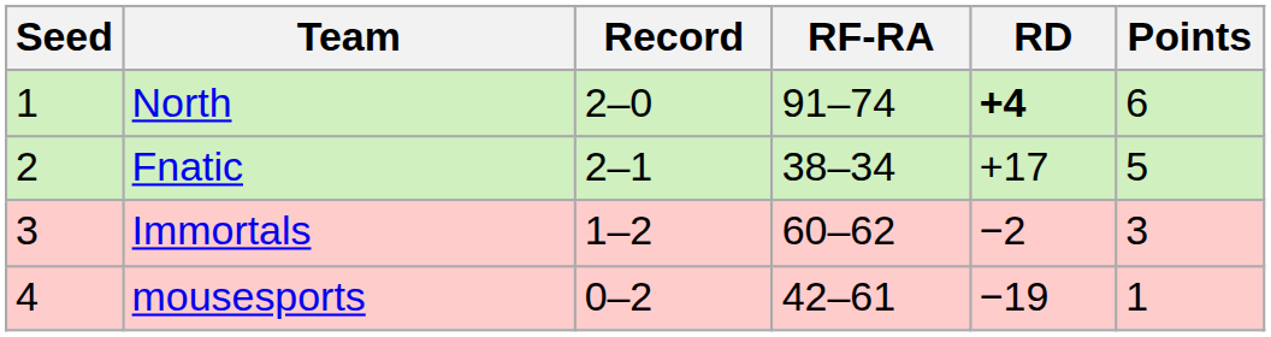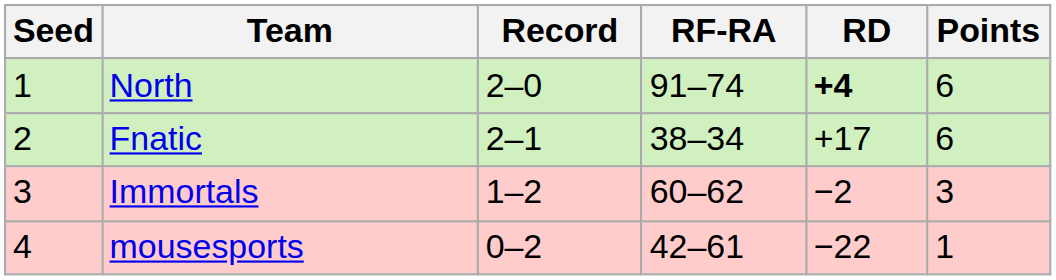 <table class="wikitable sortable" style=font-size:100%>
 <tr>
 <th width=30px>Seed</th>
 <th width=170px>Team</th>
 <th width=70px>Record</th>
 <th width=70px>RF-RA</th>
 <th width=50px>RD</th>
 <th width=50px>Points</th>
 </tr>
 <tr style="background: #D0F0C0;">
 <td>1</td>
 <td><a href='#'>North</a></td>
 <td>2–0</td>
 <td>91–74</td>
 <td><strong>+4</strong></td>
 <td>6</td>
 </tr>
 <tr style="background: #D0F0C0;">
 <td>2</td>
 <td><a href='#'>Fnatic</a></td>
 <td>2–1</td>
 <td>38–34</td>
 <td>+17</td>
-<td>5</td>
+<td>6</td>
 </tr>
 <tr style="background: #FFCCCC;">
 <td>3</td>
 <td><a href='#'>Immortals</a></td>
 <td>1–2</td>
 <td>60–62</td>
 <td>−2</td>
 <td>3</td>
 </tr>
 <tr style="background: #FFCCCC;">
 <td>4</td>
 <td><a href='#'>mousesports</a></td>
 <td>0–2</td>
 <td>42–61</td>
-<td>−19</td>
+<td>−22</td>
 <td>1</td>
 </tr>
 </table>
